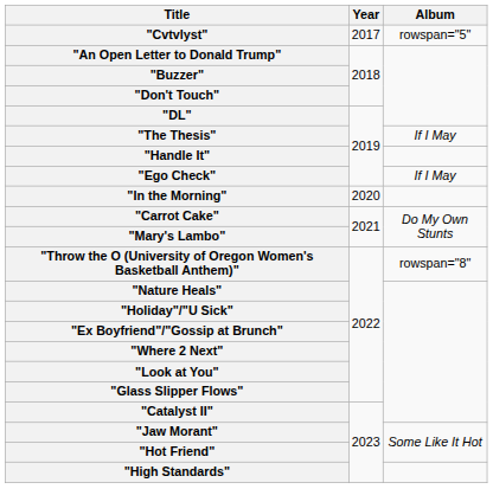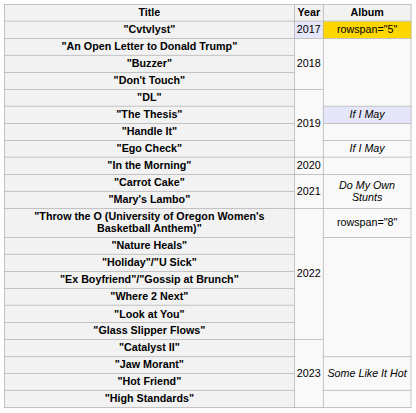 <table class="wikitable plainrowheaders" style="text-align:center;">
 <tr>
 <th scope="col">Title</th>
 <th scope="col">Year</th>
 <th scope="col">Album</th>
 </tr>
 <tr>
 <th scope="row">"Cvtvlyst"</th>
-<td>2017</td>
-<td>rowspan="5" </td>
+<td style="background: lavender;">2017</td>
+<td style="background: gold;">rowspan="5" </td>
 </tr>
 <tr>
 <th scope="row">"An Open Letter to Donald Trump"</th>
 <td rowspan="3">2018</td>
 </tr>
 <tr>
 <th scope="row">"Buzzer"</th>
 </tr>
 <tr>
 <th scope="row">"Don't Touch"</th>
 </tr>
 <tr>
 <th scope="row">"DL"</th>
 <td rowspan="4">2019</td>
 </tr>
 <tr>
 <th scope="row">"The Thesis"<br></th>
-<td><em>If I May</em></td>
+<td style="background: lavender;"><em>If I May</em></td>
 </tr>
 <tr>
 <th scope="row">"Handle It"</th>
 <td></td>
 </tr>
 <tr>
 <th scope="row">"Ego Check"<br></th>
 <td><em>If I May</em></td>
 </tr>
 <tr>
 <th scope="row">"In the Morning"</th>
 <td>2020</td>
 <td></td>
 </tr>
 <tr>
 <th scope="row">"Carrot Cake"</th>
 <td rowspan="2">2021</td>
 <td rowspan="2"><em>Do My Own Stunts</em></td>
 </tr>
 <tr>
 <th scope="row">"Mary's Lambo"</th>
 </tr>
 <tr>
 <th scope="row">"Throw the O (University of Oregon Women's Basketball Anthem)"<br></th>
 <td rowspan="7">2022</td>
 <td>rowspan="8" </td>
 </tr>
 <tr>
 <th scope="row">"Nature Heals"</th>
 </tr>
 <tr>
 <th scope="row">"Holiday"/"U Sick"</th>
 </tr>
 <tr>
 <th scope="row">"Ex Boyfriend"/"Gossip at Brunch"</th>
 </tr>
 <tr>
 <th scope="row">"Where 2 Next"</th>
 </tr>
 <tr>
 <th scope="row">"Look at You"</th>
 </tr>
 <tr>
 <th scope="row">"Glass Slipper Flows"</th>
 </tr>
 <tr>
 <th scope="row">"Catalyst II"</th>
 <td rowspan="4">2023</td>
 </tr>
 <tr>
 <th scope="row">"Jaw Morant"</th>
 <td rowspan="2"><em>Some Like It Hot</em></td>
 </tr>
 <tr>
 <th scope="row">"Hot Friend"</th>
 </tr>
 <tr>
 <th scope="row">"High Standards"</th>
 <td></td>
 </tr>
 </table>
